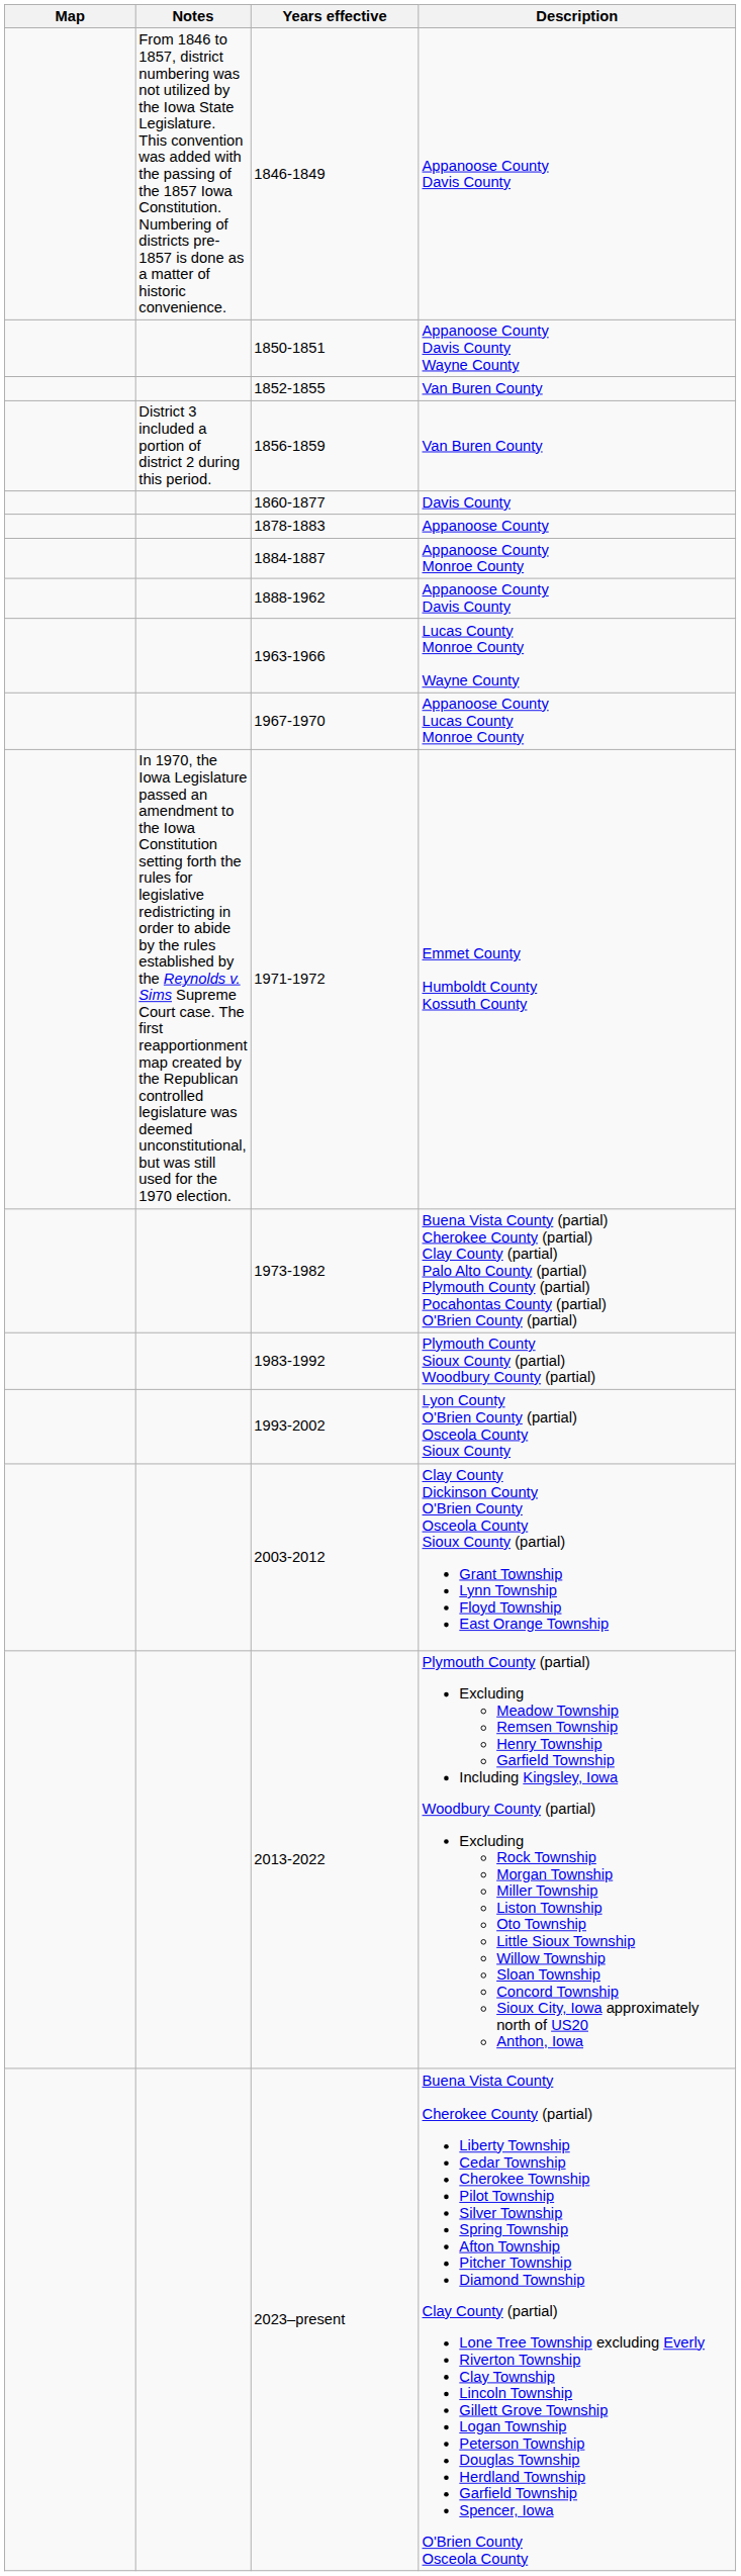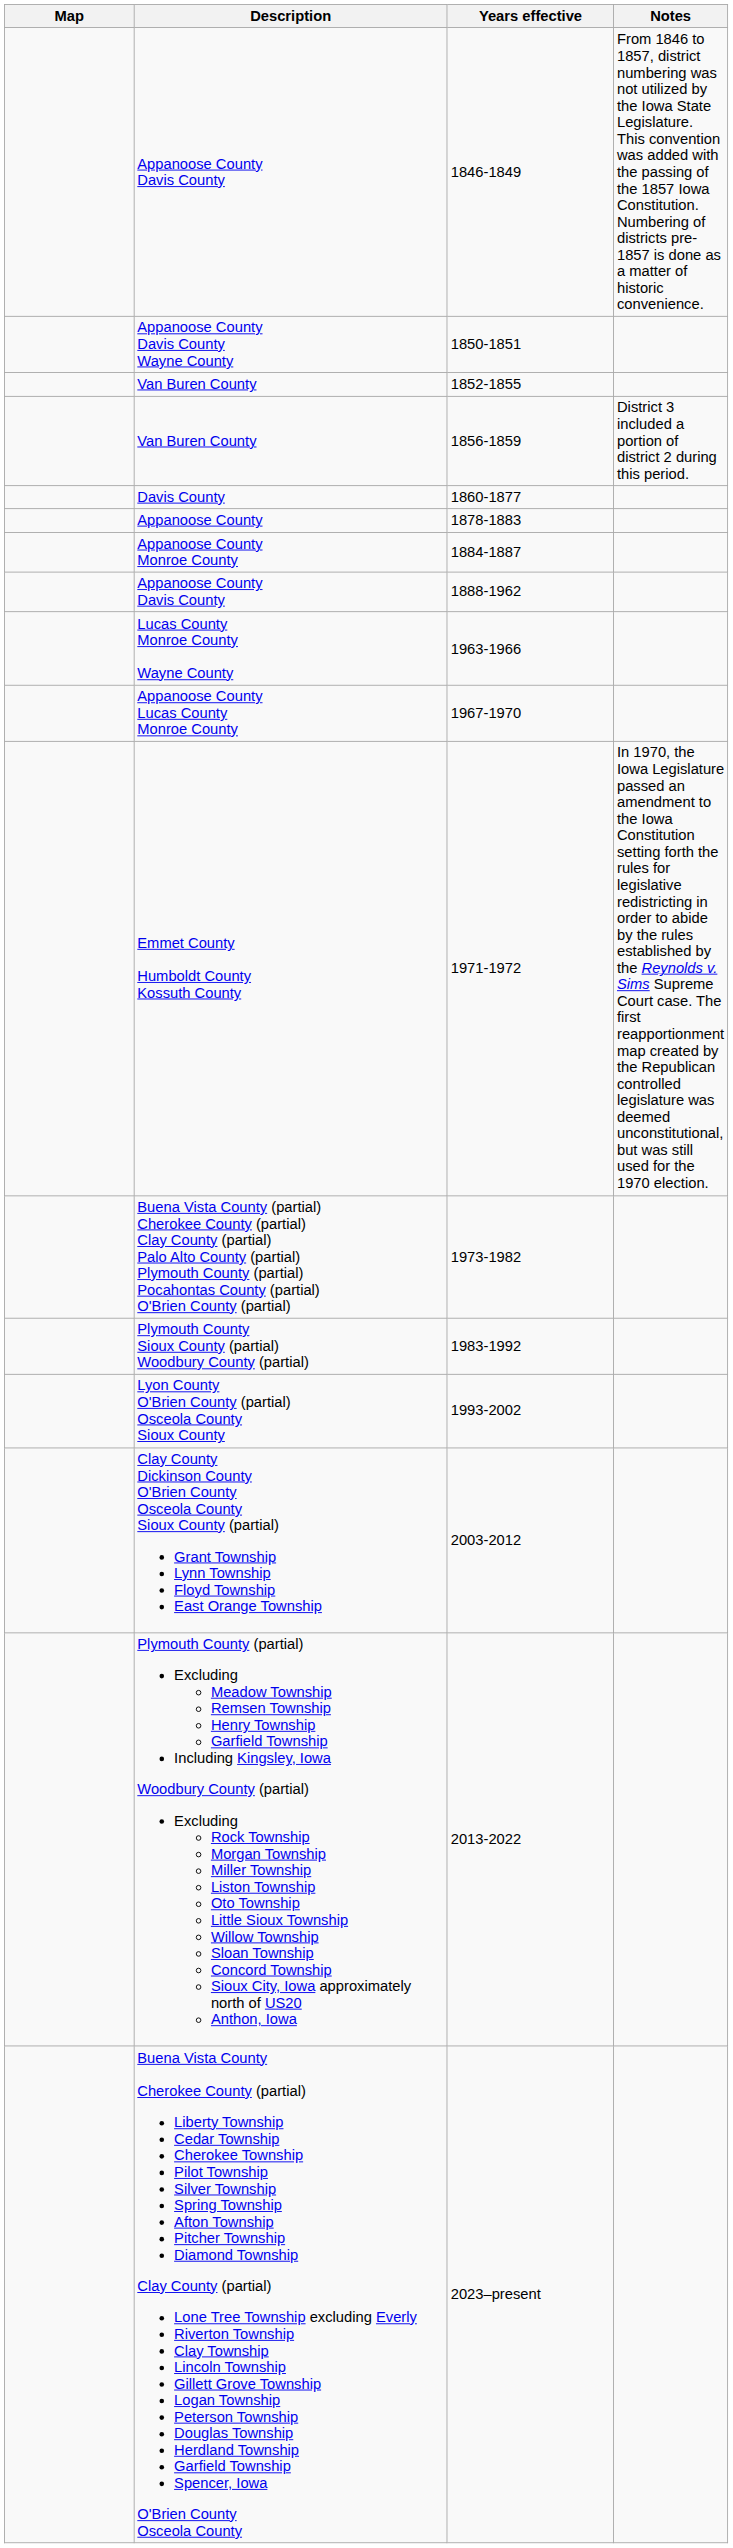 <table class="wikitable sortable">
 <tr>
 <th style="width:100pt;">Map</th>
+<th style="width:250pt;">Description</th>
+<th style="width:130pt;">Years effective</th>
 <th style="width:15pt;">Notes</th>
-<th style="width:130pt;">Years effective</th>
-<th style="width:250pt;">Description</th>
 </tr>
 <tr>
 <td></td>
+<td><a href='#'>Appanoose County</a><br><a href='#'>Davis County</a></td>
+<td>1846-1849</td>
 <td>From 1846 to 1857, district numbering was not utilized by the Iowa State Legislature. This convention was added with the passing of the 1857 Iowa Constitution. Numbering of districts pre-1857 is done as a matter of historic convenience.</td>
-<td>1846-1849</td>
-<td><a href='#'>Appanoose County</a><br><a href='#'>Davis County</a></td>
 </tr>
 <tr>
 <td></td>
+<td><a href='#'>Appanoose County</a><br><a href='#'>Davis County</a><br><a href='#'>Wayne County</a></td>
+<td>1850-1851</td>
 <td></td>
-<td>1850-1851</td>
-<td><a href='#'>Appanoose County</a><br><a href='#'>Davis County</a><br><a href='#'>Wayne County</a></td>
 </tr>
 <tr>
 <td></td>
+<td><a href='#'>Van Buren County</a></td>
+<td>1852-1855</td>
 <td></td>
-<td>1852-1855</td>
-<td><a href='#'>Van Buren County</a></td>
 </tr>
 <tr>
 <td></td>
+<td><a href='#'>Van Buren County</a></td>
+<td>1856-1859</td>
 <td>District 3 included a portion of district 2 during this period.</td>
-<td>1856-1859</td>
-<td><a href='#'>Van Buren County</a></td>
 </tr>
 <tr>
 <td></td>
+<td><a href='#'>Davis County</a></td>
+<td>1860-1877</td>
 <td></td>
-<td>1860-1877</td>
-<td><a href='#'>Davis County</a></td>
 </tr>
 <tr>
 <td></td>
+<td><a href='#'>Appanoose County</a></td>
+<td>1878-1883</td>
 <td></td>
-<td>1878-1883</td>
-<td><a href='#'>Appanoose County</a></td>
 </tr>
 <tr>
 <td></td>
+<td><a href='#'>Appanoose County</a><br><a href='#'>Monroe County</a></td>
+<td>1884-1887</td>
 <td></td>
-<td>1884-1887</td>
-<td><a href='#'>Appanoose County</a><br><a href='#'>Monroe County</a></td>
 </tr>
 <tr>
 <td></td>
+<td><a href='#'>Appanoose County</a><br><a href='#'>Davis County</a></td>
+<td>1888-1962</td>
 <td></td>
-<td>1888-1962</td>
-<td><a href='#'>Appanoose County</a><br><a href='#'>Davis County</a></td>
 </tr>
 <tr>
 <td></td>
+<td><a href='#'>Lucas County</a><br><a href='#'>Monroe County</a><br><br><a href='#'>Wayne County</a></td>
+<td>1963-1966</td>
 <td></td>
-<td>1963-1966</td>
-<td><a href='#'>Lucas County</a><br><a href='#'>Monroe County</a><br><br><a href='#'>Wayne County</a></td>
 </tr>
 <tr>
 <td></td>
+<td><a href='#'>Appanoose County</a><br><a href='#'>Lucas County</a><br><a href='#'>Monroe County</a></td>
+<td>1967-1970</td>
 <td></td>
-<td>1967-1970</td>
-<td><a href='#'>Appanoose County</a><br><a href='#'>Lucas County</a><br><a href='#'>Monroe County</a></td>
 </tr>
 <tr>
 <td></td>
+<td><a href='#'>Emmet County</a><br><br><a href='#'>Humboldt County</a><br><a href='#'>Kossuth County</a></td>
+<td>1971-1972</td>
 <td>In 1970, the Iowa Legislature passed an amendment to the Iowa Constitution setting forth the rules for legislative redistricting in order to abide by the rules established by the <em><a href='#'>Reynolds v. Sims</a></em> Supreme Court case. The first reapportionment map created by the Republican controlled legislature was deemed unconstitutional, but was still used for the 1970 election.</td>
-<td>1971-1972</td>
-<td><a href='#'>Emmet County</a><br><br><a href='#'>Humboldt County</a><br><a href='#'>Kossuth County</a></td>
 </tr>
 <tr>
 <td></td>
+<td><a href='#'>Buena Vista County</a> (partial)<br><a href='#'>Cherokee County</a> (partial)<br><a href='#'>Clay County</a> (partial)<br><a href='#'>Palo Alto County</a> (partial)<br><a href='#'>Plymouth County</a> (partial)<br><a href='#'>Pocahontas County</a> (partial)<br><a href='#'>O'Brien County</a> (partial)</td>
+<td>1973-1982</td>
 <td></td>
-<td>1973-1982</td>
-<td><a href='#'>Buena Vista County</a> (partial)<br><a href='#'>Cherokee County</a> (partial)<br><a href='#'>Clay County</a> (partial)<br><a href='#'>Palo Alto County</a> (partial)<br><a href='#'>Plymouth County</a> (partial)<br><a href='#'>Pocahontas County</a> (partial)<br><a href='#'>O'Brien County</a> (partial)</td>
 </tr>
 <tr>
 <td></td>
+<td><a href='#'>Plymouth County</a><br><a href='#'>Sioux County</a> (partial)<br><a href='#'>Woodbury County</a> (partial)</td>
+<td>1983-1992</td>
 <td></td>
-<td>1983-1992</td>
-<td><a href='#'>Plymouth County</a><br><a href='#'>Sioux County</a> (partial)<br><a href='#'>Woodbury County</a> (partial)</td>
 </tr>
 <tr>
 <td></td>
+<td><a href='#'>Lyon County</a><br><a href='#'>O'Brien County</a> (partial)<br><a href='#'>Osceola County</a><br><a href='#'>Sioux County</a></td>
+<td>1993-2002</td>
 <td></td>
-<td>1993-2002</td>
-<td><a href='#'>Lyon County</a><br><a href='#'>O'Brien County</a> (partial)<br><a href='#'>Osceola County</a><br><a href='#'>Sioux County</a></td>
 </tr>
 <tr>
 <td></td>
+<td><a href='#'>Clay County</a><br><a href='#'>Dickinson County</a><br><a href='#'>O'Brien County</a><br><a href='#'>Osceola County</a><br><a href='#'>Sioux County</a> (partial)<br><ul><li><a href='#'>Grant Township</a></li><li><a href='#'>Lynn Township</a></li><li><a href='#'>Floyd Township</a></li><li><a href='#'>East Orange Township</a></li></ul></td>
+<td>2003-2012</td>
 <td></td>
-<td>2003-2012</td>
-<td><a href='#'>Clay County</a><br><a href='#'>Dickinson County</a><br><a href='#'>O'Brien County</a><br><a href='#'>Osceola County</a><br><a href='#'>Sioux County</a> (partial)<br><ul><li><a href='#'>Grant Township</a></li><li><a href='#'>Lynn Township</a></li><li><a href='#'>Floyd Township</a></li><li><a href='#'>East Orange Township</a></li></ul></td>
 </tr>
 <tr>
 <td></td>
+<td><a href='#'>Plymouth County</a> (partial)<br><ul><li>Excluding<ul><li><a href='#'>Meadow Township</a></li><li><a href='#'>Remsen Township</a></li><li><a href='#'>Henry Township</a></li><li><a href='#'>Garfield Township</a></li></ul></li><li>Including <a href='#'>Kingsley, Iowa</a></li></ul><a href='#'>Woodbury County</a> (partial)<ul><li>Excluding<ul><li><a href='#'>Rock Township</a></li><li><a href='#'>Morgan Township</a></li><li><a href='#'>Miller Township</a></li><li><a href='#'>Liston Township</a></li><li><a href='#'>Oto Township</a></li><li><a href='#'>Little Sioux Township</a></li><li><a href='#'>Willow Township</a></li><li><a href='#'>Sloan Township</a></li><li><a href='#'>Concord Township</a></li><li><a href='#'>Sioux City, Iowa</a> approximately north of <a href='#'>US20</a></li><li><a href='#'>Anthon, Iowa</a></li></ul></li></ul></td>
+<td>2013-2022</td>
 <td></td>
-<td>2013-2022</td>
-<td><a href='#'>Plymouth County</a> (partial)<br><ul><li>Excluding<ul><li><a href='#'>Meadow Township</a></li><li><a href='#'>Remsen Township</a></li><li><a href='#'>Henry Township</a></li><li><a href='#'>Garfield Township</a></li></ul></li><li>Including <a href='#'>Kingsley, Iowa</a></li></ul><a href='#'>Woodbury County</a> (partial)<ul><li>Excluding<ul><li><a href='#'>Rock Township</a></li><li><a href='#'>Morgan Township</a></li><li><a href='#'>Miller Township</a></li><li><a href='#'>Liston Township</a></li><li><a href='#'>Oto Township</a></li><li><a href='#'>Little Sioux Township</a></li><li><a href='#'>Willow Township</a></li><li><a href='#'>Sloan Township</a></li><li><a href='#'>Concord Township</a></li><li><a href='#'>Sioux City, Iowa</a> approximately north of <a href='#'>US20</a></li><li><a href='#'>Anthon, Iowa</a></li></ul></li></ul></td>
 </tr>
 <tr>
 <td></td>
+<td><a href='#'>Buena Vista County</a><br><br><a href='#'>Cherokee County</a> (partial)<ul><li><a href='#'>Liberty Township</a></li><li><a href='#'>Cedar Township</a></li><li><a href='#'>Cherokee Township</a></li><li><a href='#'>Pilot Township</a></li><li><a href='#'>Silver Township</a></li><li><a href='#'>Spring Township</a></li><li><a href='#'>Afton Township</a></li><li><a href='#'>Pitcher Township</a></li><li><a href='#'>Diamond Township</a></li></ul><a href='#'>Clay County</a> (partial)<ul><li><a href='#'>Lone Tree Township</a> excluding <a href='#'>Everly</a></li><li><a href='#'>Riverton Township</a></li><li><a href='#'>Clay Township</a></li><li><a href='#'>Lincoln Township</a></li><li><a href='#'>Gillett Grove Township</a></li><li><a href='#'>Logan Township</a></li><li><a href='#'>Peterson Township</a></li><li><a href='#'>Douglas Township</a></li><li><a href='#'>Herdland Township</a></li><li><a href='#'>Garfield Township</a></li><li><a href='#'>Spencer, Iowa</a></li></ul><a href='#'>O'Brien County</a><br> <a href='#'>Osceola County</a></td>
+<td>2023–present</td>
 <td></td>
-<td>2023–present</td>
-<td><a href='#'>Buena Vista County</a><br><br><a href='#'>Cherokee County</a> (partial)<ul><li><a href='#'>Liberty Township</a></li><li><a href='#'>Cedar Township</a></li><li><a href='#'>Cherokee Township</a></li><li><a href='#'>Pilot Township</a></li><li><a href='#'>Silver Township</a></li><li><a href='#'>Spring Township</a></li><li><a href='#'>Afton Township</a></li><li><a href='#'>Pitcher Township</a></li><li><a href='#'>Diamond Township</a></li></ul><a href='#'>Clay County</a> (partial)<ul><li><a href='#'>Lone Tree Township</a> excluding <a href='#'>Everly</a></li><li><a href='#'>Riverton Township</a></li><li><a href='#'>Clay Township</a></li><li><a href='#'>Lincoln Township</a></li><li><a href='#'>Gillett Grove Township</a></li><li><a href='#'>Logan Township</a></li><li><a href='#'>Peterson Township</a></li><li><a href='#'>Douglas Township</a></li><li><a href='#'>Herdland Township</a></li><li><a href='#'>Garfield Township</a></li><li><a href='#'>Spencer, Iowa</a></li></ul><a href='#'>O'Brien County</a><br> <a href='#'>Osceola County</a></td>
 </tr>
 </table>
